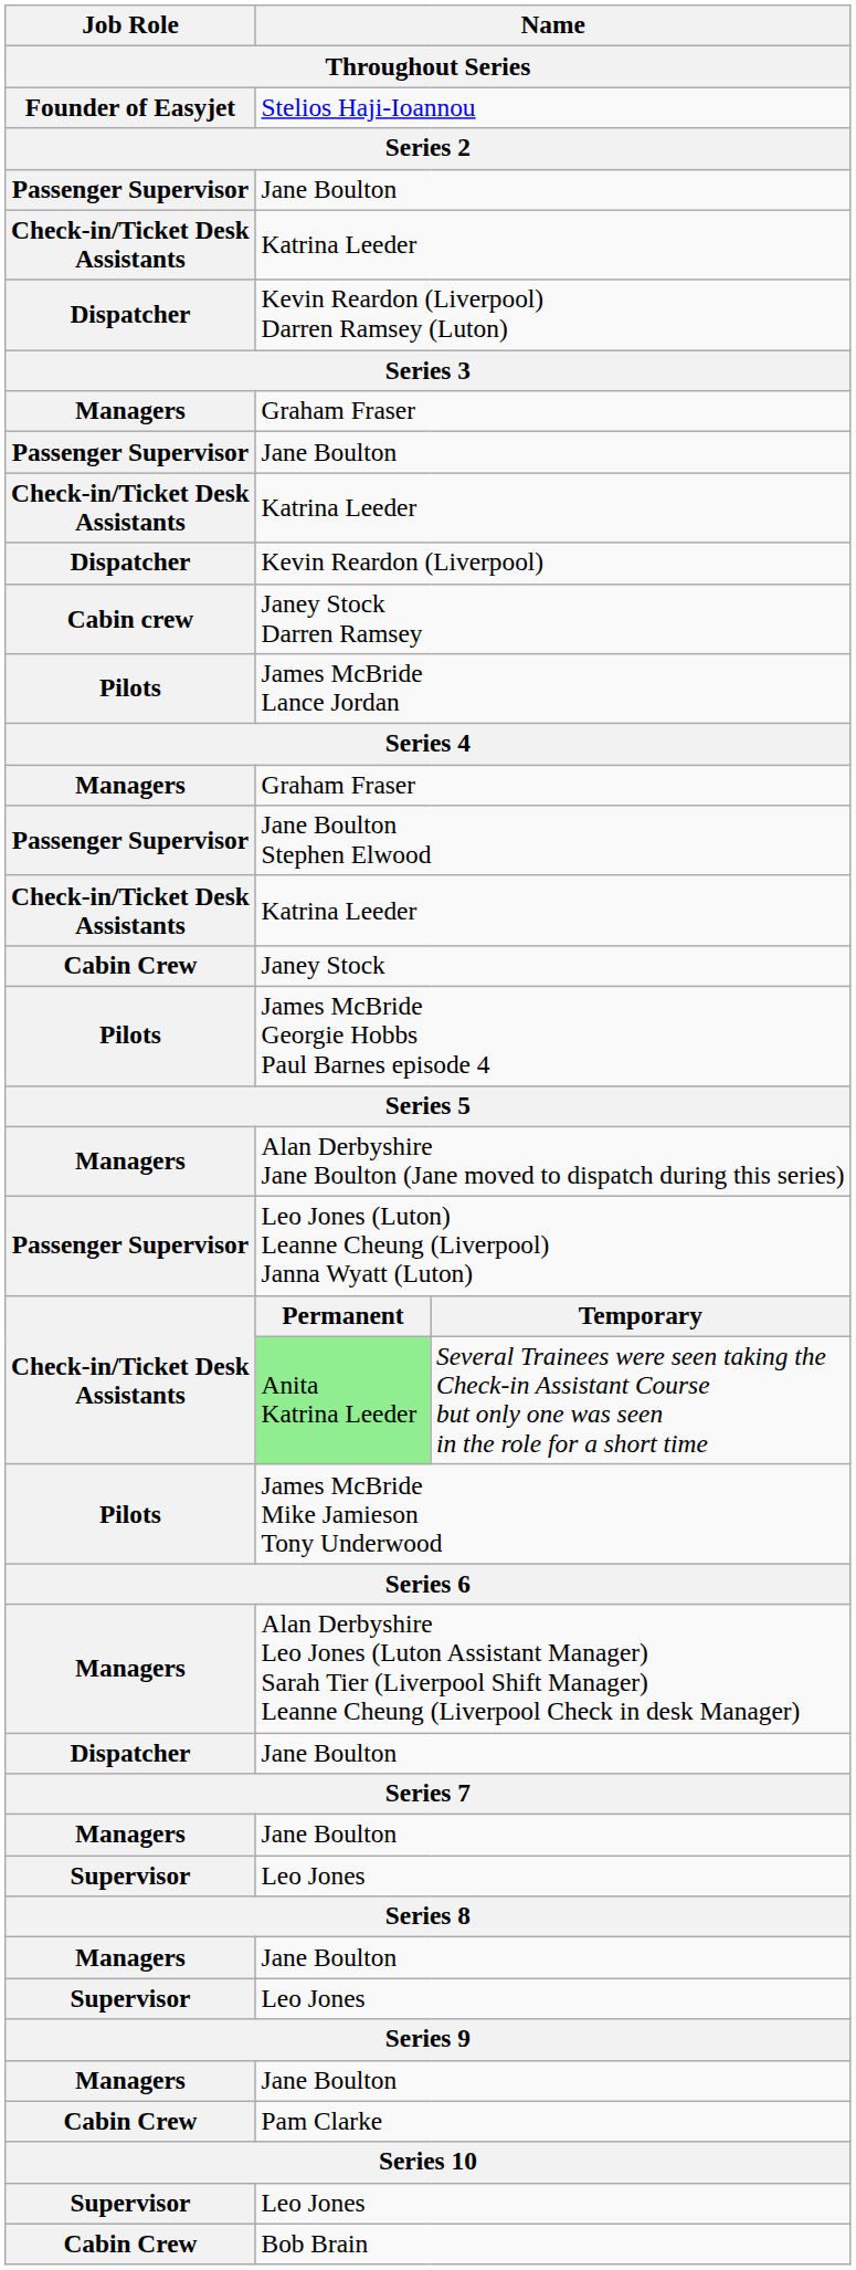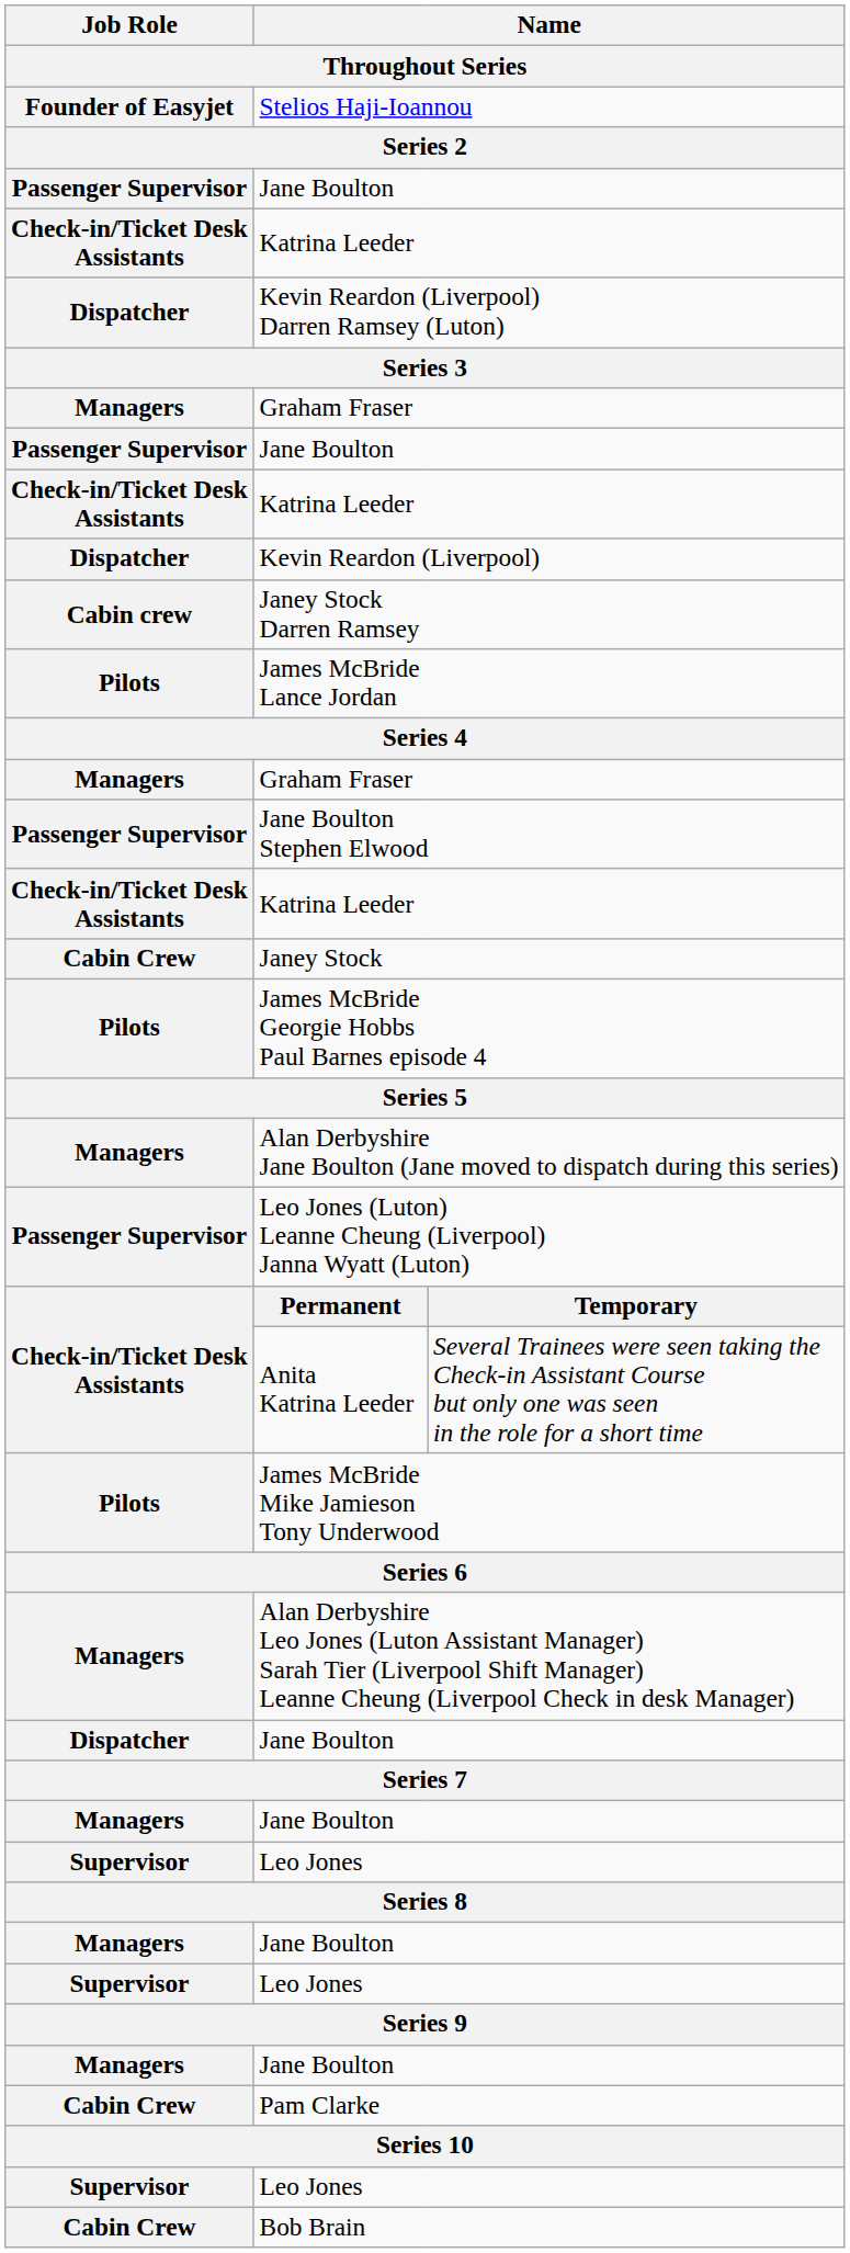 <table class="wikitable" border="1|-">
 <tr>
 <th>Job Role</th>
 <th colspan=2>Name</th>
 </tr>
 <tr>
 <th colspan=3>Throughout Series</th>
 </tr>
 <tr>
 <th>Founder of Easyjet</th>
 <td colspan=2><a href='#'>Stelios Haji-Ioannou</a></td>
 </tr>
 <tr>
 <th colspan=3>Series 2</th>
 </tr>
 <tr>
 <th>Passenger Supervisor</th>
 <td colspan=2>Jane Boulton</td>
 </tr>
 <tr>
 <th>Check-in/Ticket Desk<br>Assistants</th>
 <td colspan="2">Katrina Leeder</td>
 </tr>
 <tr>
 <th>Dispatcher</th>
 <td colspan=2>Kevin Reardon (Liverpool)<br>Darren Ramsey (Luton)</td>
 </tr>
 <tr>
 <th colspan=3>Series 3</th>
 </tr>
 <tr>
 <th>Managers</th>
 <td colspan=2>Graham Fraser</td>
 </tr>
 <tr>
 <th>Passenger Supervisor</th>
 <td colspan=2>Jane Boulton</td>
 </tr>
 <tr>
 <th>Check-in/Ticket Desk<br>Assistants</th>
 <td colspan=2>Katrina Leeder</td>
 </tr>
 <tr>
 <th>Dispatcher</th>
 <td colspan=2>Kevin Reardon (Liverpool)</td>
 </tr>
 <tr>
 <th>Cabin crew</th>
 <td colspan=2>Janey Stock<br>Darren Ramsey</td>
 </tr>
 <tr>
 <th>Pilots</th>
 <td colspan=2>James McBride<br>Lance Jordan</td>
 </tr>
 <tr>
 <th colspan=3>Series 4</th>
 </tr>
 <tr>
 <th>Managers</th>
 <td colspan="2">Graham Fraser</td>
 </tr>
 <tr>
 <th>Passenger Supervisor</th>
 <td colspan="2">Jane Boulton<br>Stephen Elwood</td>
 </tr>
 <tr>
 <th>Check-in/Ticket Desk<br>Assistants</th>
 <td colspan=2>Katrina Leeder</td>
 </tr>
 <tr>
 <th>Cabin Crew</th>
 <td colspan=2>Janey Stock</td>
 </tr>
 <tr>
 <th>Pilots</th>
 <td colspan=2>James McBride<br>Georgie Hobbs<br>Paul Barnes episode 4</td>
 </tr>
 <tr>
 <th colspan=3>Series 5</th>
 </tr>
 <tr>
 <th>Managers</th>
 <td colspan="2">Alan Derbyshire<br>Jane Boulton (Jane moved to dispatch during this series)</td>
 </tr>
 <tr>
 <th>Passenger Supervisor</th>
 <td colspan="2">Leo Jones (Luton)<br>Leanne Cheung (Liverpool)<br>Janna Wyatt (Luton)</td>
 </tr>
 <tr>
 <th rowspan=2>Check-in/Ticket Desk<br>Assistants</th>
 <th>Permanent</th>
 <th>Temporary</th>
 </tr>
 <tr>
-<td style="background: lightgreen;">Anita<br>Katrina Leeder</td>
+<td>Anita<br>Katrina Leeder</td>
 <td><em>Several Trainees were seen taking the<br>Check-in Assistant Course<br>but only one was seen<br>in the role for a short time</em></td>
 </tr>
 <tr>
 <th>Pilots</th>
 <td colspan=2>James McBride<br>Mike Jamieson<br>Tony Underwood</td>
 </tr>
 <tr>
 <th colspan=3>Series 6</th>
 </tr>
 <tr>
 <th>Managers</th>
 <td colspan="2">Alan Derbyshire<br>Leo Jones (Luton Assistant Manager)<br>Sarah Tier (Liverpool Shift Manager)<br>Leanne Cheung (Liverpool Check in desk Manager)</td>
 </tr>
 <tr>
 <th>Dispatcher</th>
 <td colspan=2>Jane Boulton</td>
 </tr>
 <tr>
 <th colspan=3>Series 7</th>
 </tr>
 <tr>
 <th>Managers</th>
 <td colspan=2>Jane Boulton</td>
 </tr>
 <tr>
 <th>Supervisor</th>
 <td colspan=2>Leo Jones</td>
 </tr>
 <tr>
 <th colspan=3>Series 8</th>
 </tr>
 <tr>
 <th>Managers</th>
 <td colspan=2>Jane Boulton</td>
 </tr>
 <tr>
 <th>Supervisor</th>
 <td colspan=2>Leo Jones</td>
 </tr>
 <tr>
 <th colspan=3>Series 9</th>
 </tr>
 <tr>
 <th>Managers</th>
 <td colspan=2>Jane Boulton</td>
 </tr>
 <tr>
 <th>Cabin Crew</th>
 <td colspan=2>Pam Clarke</td>
 </tr>
 <tr>
 <th colspan=3>Series 10</th>
 </tr>
 <tr>
 <th>Supervisor</th>
 <td colspan=2>Leo Jones</td>
 </tr>
 <tr>
 <th>Cabin Crew</th>
 <td colspan=2>Bob Brain</td>
 </tr>
 </table>
